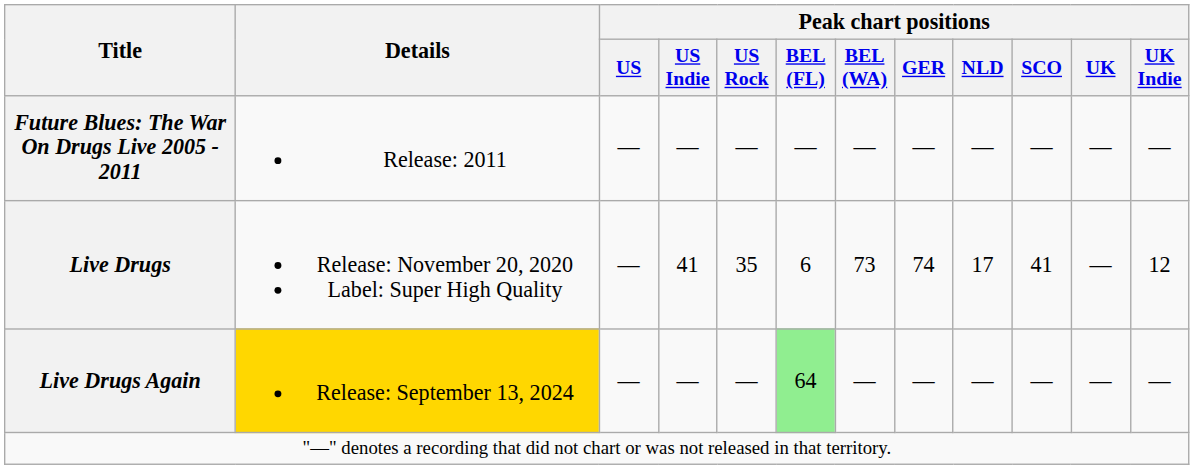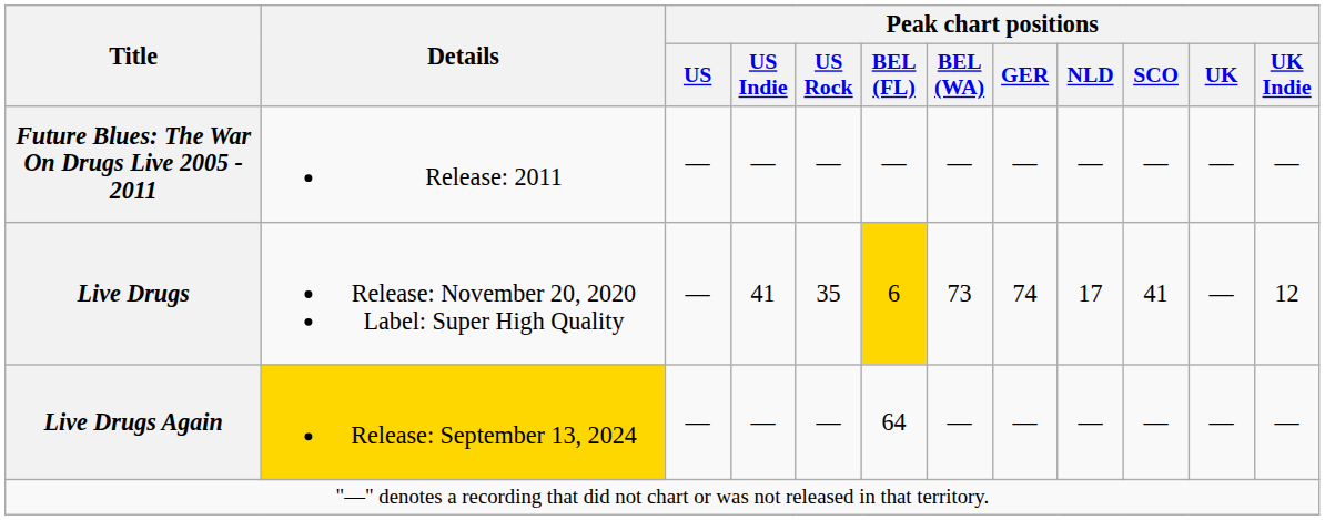 <table class="wikitable plainrowheaders" style="text-align:center;">
 <tr>
 <th scope="col" rowspan="2" style="width:10em;">Title</th>
 <th scope="col" rowspan="2" style="width:16em;">Details</th>
 <th scope="col" colspan="10">Peak chart positions</th>
 </tr>
 <tr>
 <th scope="col" style="width:2.5em;font-size:90%;"><a href='#'>US</a><br></th>
 <th scope="col" style="width:2.5em;font-size:90%;"><a href='#'>US<br>Indie</a><br></th>
 <th scope="col" style="width:2.5em;font-size:90%;"><a href='#'>US<br>Rock</a><br></th>
 <th scope="col" style="width:2.5em;font-size:90%;"><a href='#'>BEL<br>(FL)</a><br></th>
 <th scope="col" style="width:2.5em;font-size:90%;"><a href='#'>BEL<br>(WA)</a><br></th>
 <th scope="col" style="width:2.5em;font-size:90%;"><a href='#'>GER</a><br></th>
 <th scope="col" style="width:2.5em;font-size:90%;"><a href='#'>NLD</a><br></th>
 <th scope="col" style="width:2.5em;font-size:90%;"><a href='#'>SCO</a><br></th>
 <th scope="col" style="width:2.5em;font-size:90%;"><a href='#'>UK</a><br></th>
 <th scope="col" style="width:2.5em;font-size:90%;"><a href='#'>UK<br>Indie</a><br></th>
 </tr>
 <tr>
 <th scope="row"><em>Future Blues: The War On Drugs Live 2005 - 2011</em></th>
 <td><br><ul><li>Release: 2011</li></ul></td>
 <td>—</td>
 <td>—</td>
 <td>—</td>
 <td>—</td>
 <td>—</td>
 <td>—</td>
 <td>—</td>
 <td>—</td>
 <td>—</td>
 <td>—</td>
 </tr>
 <tr>
 <th scope="row"><em>Live Drugs</em></th>
 <td><br><ul><li>Release: November 20, 2020</li><li>Label: Super High Quality</li></ul></td>
 <td>—</td>
 <td>41</td>
 <td>35</td>
-<td>6</td>
+<td style="background: gold;">6</td>
 <td>73</td>
 <td>74</td>
 <td>17</td>
 <td>41</td>
 <td>—</td>
 <td>12</td>
 </tr>
 <tr>
 <th scope="row"><em>Live Drugs Again</em></th>
 <td style="background: gold;"><br><ul><li>Release: September 13, 2024</li></ul></td>
 <td>—</td>
 <td>—</td>
 <td>—</td>
-<td style="background: lightgreen;">64</td>
+<td>64</td>
 <td>—</td>
 <td>—</td>
 <td>—</td>
 <td>—</td>
 <td>—</td>
 <td>—</td>
 </tr>
 <tr>
 <td colspan="14" style="text-align:center; font-size:85%">"—" denotes a recording that did not chart or was not released in that territory.</td>
 </tr>
 </table>
